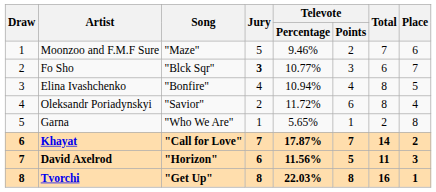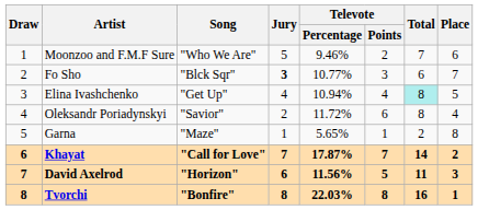 <table class="sortable wikitable" style="margin: 1em auto 1em auto; text-align:center;">
 <tr>
 <th rowspan="2">Draw</th>
 <th rowspan="2">Artist</th>
 <th rowspan="2">Song</th>
 <th rowspan="2">Jury</th>
 <th colspan="2">Televote</th>
 <th rowspan="2">Total</th>
 <th rowspan="2">Place</th>
 </tr>
 <tr>
 <th>Percentage</th>
 <th>Points</th>
 </tr>
 <tr>
 <td>1</td>
 <td align="left">Moonzoo and F.M.F Sure</td>
-<td align="left">"Maze"</td>
+<td align="left">"Who We Are"</td>
 <td>5</td>
 <td>9.46%</td>
 <td>2</td>
 <td>7</td>
 <td>6</td>
 </tr>
 <tr>
 <td>2</td>
 <td align="left">Fo Sho</td>
 <td align="left">"Blck Sqr"</td>
 <td><strong>3</strong></td>
 <td>10.77%</td>
 <td>3</td>
 <td>6</td>
 <td>7</td>
 </tr>
 <tr>
 <td>3</td>
 <td align="left">Elina Ivashchenko</td>
-<td align="left">"Bonfire"</td>
+<td align="left">"Get Up"</td>
 <td>4</td>
 <td>10.94%</td>
 <td>4</td>
-<td>8</td>
+<td style="background: paleturquoise;">8</td>
 <td>5</td>
 </tr>
 <tr>
 <td>4</td>
 <td align="left">Oleksandr Poriadynskyi</td>
 <td align="left">"Savior"</td>
 <td>2</td>
 <td>11.72%</td>
 <td>6</td>
 <td>8</td>
 <td>4</td>
 </tr>
 <tr>
 <td>5</td>
 <td align="left">Garna</td>
-<td align="left">"Who We Are"</td>
+<td align="left">"Maze"</td>
 <td>1</td>
 <td>5.65%</td>
 <td>1</td>
 <td>2</td>
 <td>8</td>
 </tr>
 <tr style="font-weight:bold; background:navajowhite;">
 <td>6</td>
 <td align="left"><a href='#'>Khayat</a></td>
 <td align="left">"Call for Love"</td>
 <td>7</td>
 <td>17.87%</td>
 <td>7</td>
 <td>14</td>
 <td>2</td>
 </tr>
 <tr style="font-weight:bold; background:navajowhite">
 <td>7</td>
 <td align="left">David Axelrod</td>
 <td align="left">"Horizon"</td>
 <td>6</td>
 <td>11.56%</td>
 <td>5</td>
 <td>11</td>
 <td>3</td>
 </tr>
 <tr style="font-weight:bold; background:navajowhite;">
 <td>8</td>
 <td align="left"><a href='#'>Tvorchi</a></td>
-<td align="left">"Get Up"</td>
+<td align="left">"Bonfire"</td>
 <td>8</td>
 <td>22.03%</td>
 <td>8</td>
 <td>16</td>
 <td>1</td>
 </tr>
 </table>
